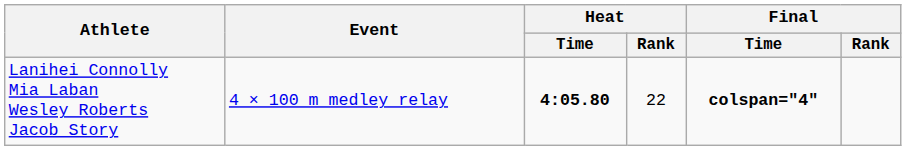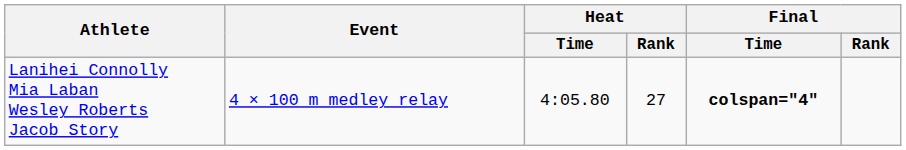 <table class="wikitable" style="text-align:center; font-size:90%; width:50%;">
 <tr>
 <th rowspan="2">Athlete</th>
 <th rowspan="2">Event</th>
 <th colspan="2">Heat</th>
 <th colspan="2">Final</th>
 </tr>
 <tr style="font-size:95%">
 <th>Time</th>
 <th>Rank</th>
 <th>Time</th>
 <th>Rank</th>
 </tr>
 <tr>
 <td align="left"><a href='#'>Lanihei Connolly</a><br><a href='#'>Mia Laban</a><br><a href='#'>Wesley Roberts</a><br><a href='#'>Jacob Story</a></td>
 <td align="left"><a href='#'>4 × 100 m medley relay</a></td>
-<td><strong>4:05.80</strong></td>
-<td>22</td>
+<td>4:05.80</td>
+<td>27</td>
 <td><strong>colspan="4"   </strong></td>
 </tr>
 </table>
